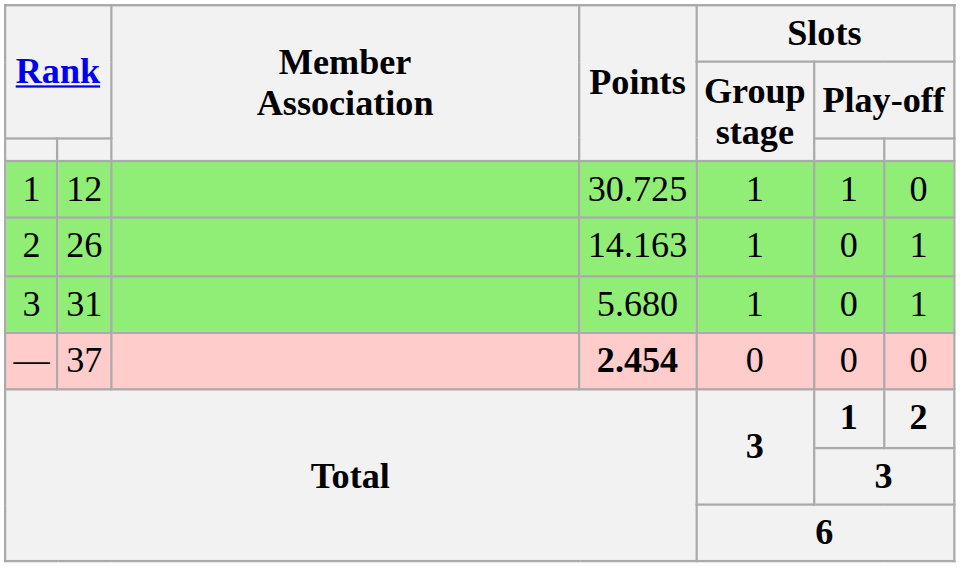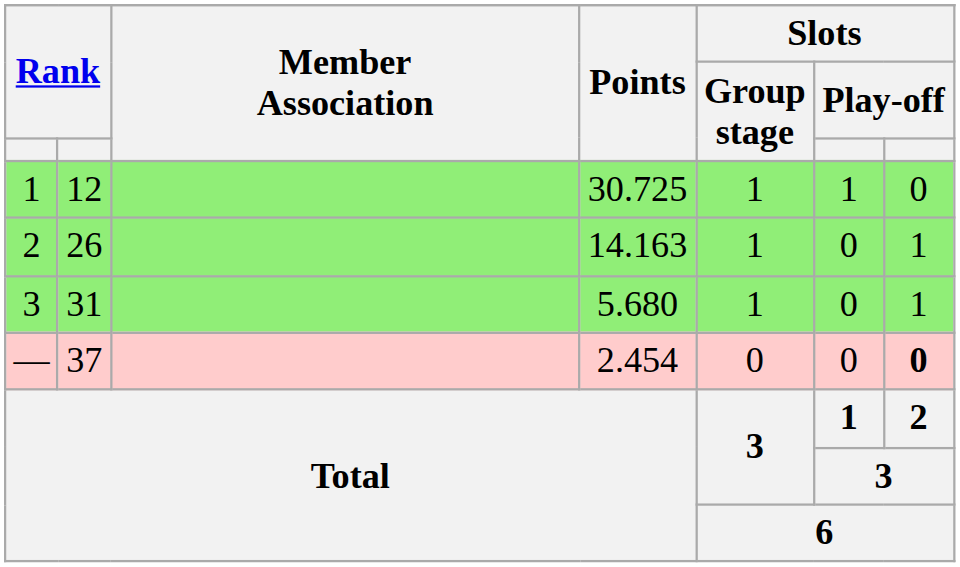 <table class="wikitable" style="text-align:center">
 <tr>
 </tr>
 <tr>
 <th colspan=2 rowspan=2><a href='#'>Rank</a></th>
 <th rowspan=3 width=200>Member<br>Association</th>
 <th rowspan=3>Points</th>
 <th colspan=4>Slots</th>
 </tr>
 <tr>
 <th rowspan=2>Group<br>stage</th>
 <th colspan=3>Play-off</th>
 </tr>
 <tr>
 <th></th>
 <th></th>
 <th></th>
 <th></th>
 </tr>
 <tr bgcolor=#90ee77>
 <td>1</td>
 <td>12</td>
 <td align=left></td>
 <td>30.725</td>
 <td>1</td>
 <td>1</td>
 <td>0</td>
 </tr>
 <tr bgcolor=#90ee77>
 <td>2</td>
 <td>26</td>
 <td align=left></td>
 <td>14.163</td>
 <td>1</td>
 <td>0</td>
 <td>1</td>
 </tr>
 <tr bgcolor=#90ee77>
 <td>3</td>
 <td>31</td>
 <td align=left></td>
 <td>5.680</td>
 <td>1</td>
 <td>0</td>
 <td>1</td>
 </tr>
 <tr bgcolor=#ffcccc>
 <td>—</td>
 <td>37</td>
 <td align=left></td>
-<td><strong>2.454</strong></td>
+<td>2.454</td>
 <td>0</td>
 <td>0</td>
-<td>0</td>
+<td><strong>0</strong></td>
 </tr>
 <tr>
 <th colspan=4 rowspan=3>Total</th>
 <th rowspan=2>3</th>
 <th>1</th>
 <th>2</th>
 </tr>
 <tr>
 <th colspan=2>3</th>
 </tr>
 <tr>
 <th colspan=3>6</th>
 </tr>
 </table>
